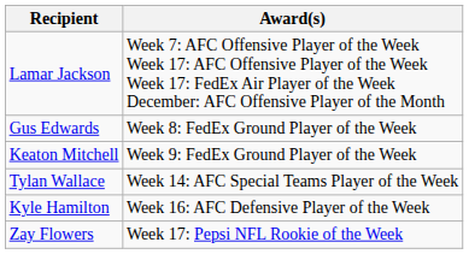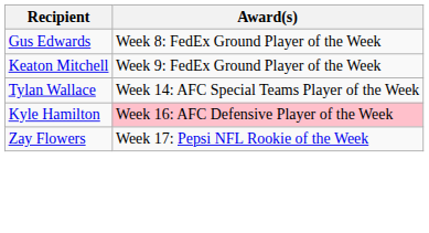 <table class="wikitable">
 <tr>
 <th>Recipient</th>
 <th>Award(s)</th>
-</tr>
-<tr>
-<td><a href='#'>Lamar Jackson</a></td>
-<td>Week 7: AFC Offensive Player of the Week<br>Week 17: AFC Offensive Player of the Week<br>Week 17: FedEx Air Player of the Week<br>December: AFC Offensive Player of the Month</td>
 </tr>
 <tr>
 <td><a href='#'>Gus Edwards</a></td>
 <td>Week 8: FedEx Ground Player of the Week</td>
 </tr>
 <tr>
 <td><a href='#'>Keaton Mitchell</a></td>
 <td>Week 9: FedEx Ground Player of the Week</td>
 </tr>
 <tr>
 <td><a href='#'>Tylan Wallace</a></td>
 <td>Week 14: AFC Special Teams Player of the Week</td>
 </tr>
 <tr>
 <td><a href='#'>Kyle Hamilton</a></td>
-<td>Week 16: AFC Defensive Player of the Week</td>
+<td style="background: pink;">Week 16: AFC Defensive Player of the Week</td>
 </tr>
 <tr>
 <td><a href='#'>Zay Flowers</a></td>
 <td>Week 17: <a href='#'>Pepsi NFL Rookie of the Week</a></td>
 </tr>
 </table>
